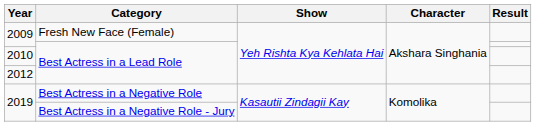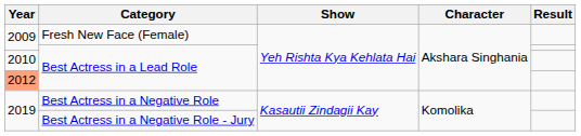 <table class="wikitable sortable">
 <tr>
 <th>Year</th>
 <th>Category</th>
 <th>Show</th>
 <th>Character</th>
 <th>Result</th>
 </tr>
 <tr>
 <td rowspan=2>2009</td>
 <td>Fresh New Face (Female)</td>
 <td rowspan=4><em><a href='#'>Yeh Rishta Kya Kehlata Hai</a></em></td>
 <td rowspan=4>Akshara Singhania</td>
 <td></td>
 </tr>
 <tr>
 <td rowspan="3"><a href='#'>Best Actress in a Lead Role</a></td>
 <td></td>
 </tr>
 <tr>
 <td>2010</td>
 <td></td>
 </tr>
 <tr>
-<td>2012</td>
+<td style="background: lightsalmon;">2012</td>
 <td></td>
 </tr>
 <tr>
 <td rowspan=2>2019</td>
 <td><a href='#'>Best Actress in a Negative Role</a></td>
 <td rowspan="2"><em><a href='#'>Kasautii Zindagii Kay</a></em></td>
 <td rowspan=2>Komolika</td>
 <td></td>
 </tr>
 <tr>
 <td><a href='#'>Best Actress in a Negative Role - Jury</a></td>
 <td></td>
 </tr>
 </table>
